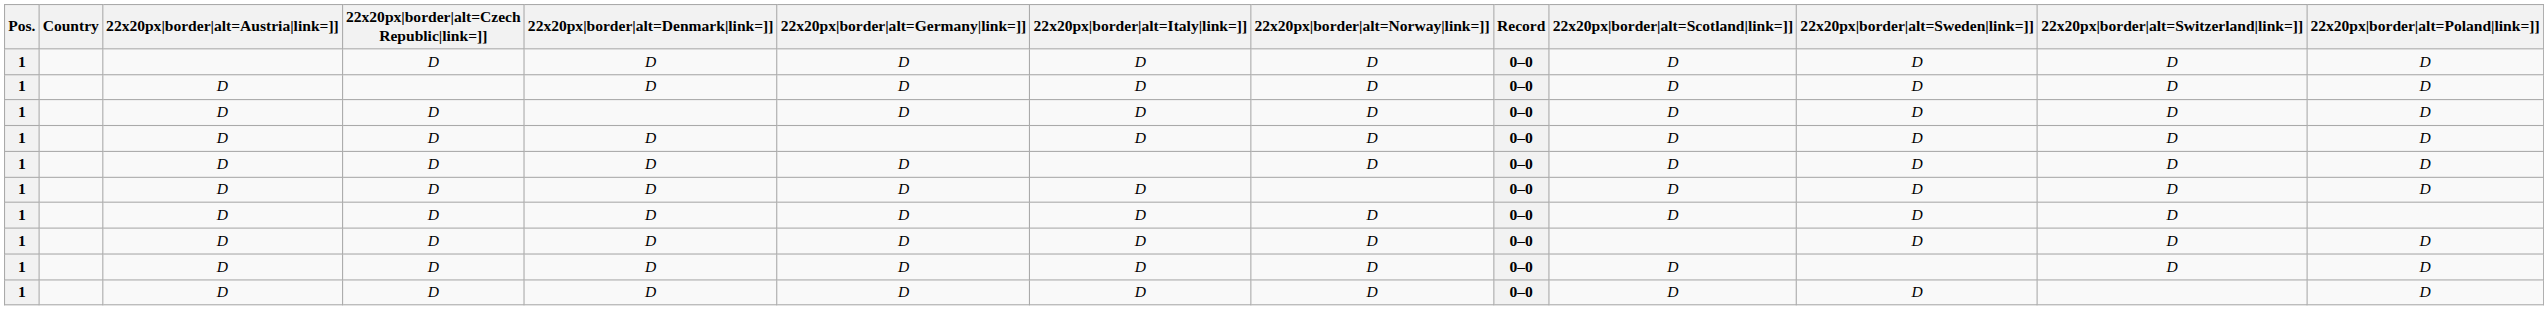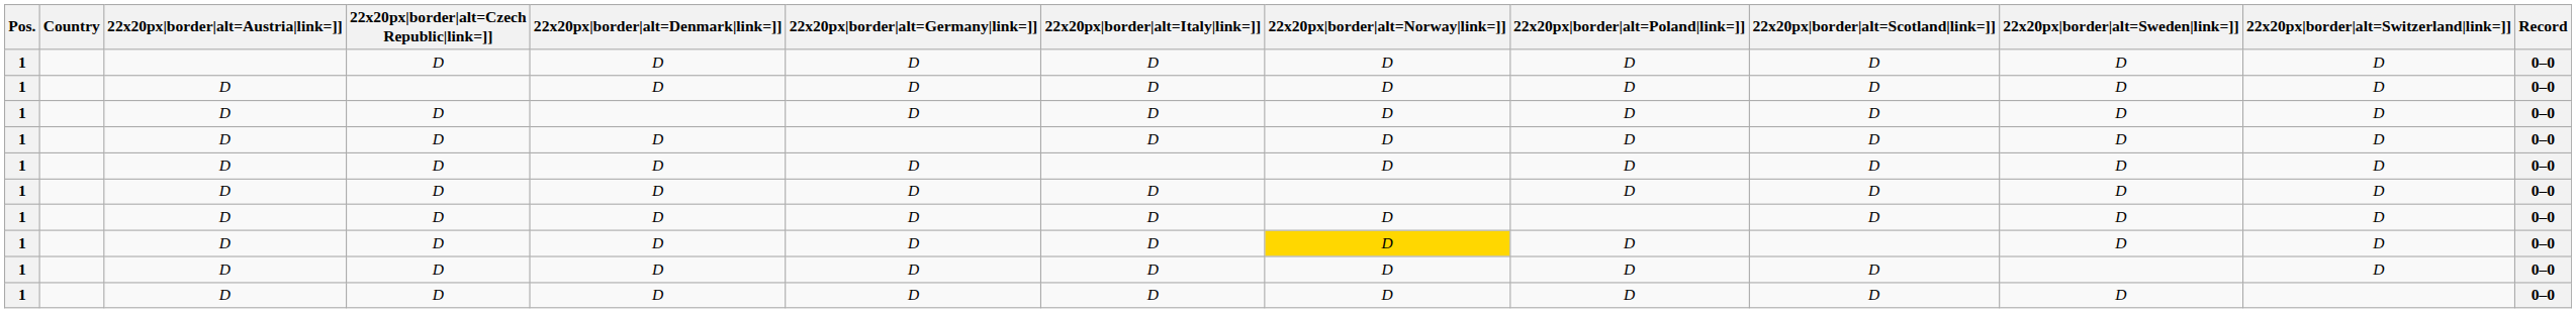 <table class="wikitable sortable nowrap" style="text-align:center; font-size:0.9em;">
 <tr>
 <th>Pos.</th>
 <th>Country</th>
 <th [[Image:>22x20px|border|alt=Austria|link=]]</th>
 <th [[Image:>22x20px|border|alt=Czech Republic|link=]]</th>
 <th [[Image:>22x20px|border|alt=Denmark|link=]]</th>
 <th [[Image:>22x20px|border|alt=Germany|link=]]</th>
 <th [[Image:>22x20px|border|alt=Italy|link=]]</th>
 <th [[Image:>22x20px|border|alt=Norway|link=]]</th>
-<th>Record</th>
+<th [[Image:>22x20px|border|alt=Poland|link=]]</th>
 <th [[Image:>22x20px|border|alt=Scotland|link=]]</th>
 <th [[Image:>22x20px|border|alt=Sweden|link=]]</th>
 <th [[Image:>22x20px|border|alt=Switzerland|link=]]</th>
-<th [[Image:>22x20px|border|alt=Poland|link=]]</th>
+<th>Record</th>
 </tr>
 <tr>
 <th>1</th>
 <td style="text-align:left;"></td>
 <td> </td>
 <td><em>D</em> </td>
 <td><em>D</em> </td>
 <td><em>D</em> </td>
 <td><em>D</em> </td>
 <td><em>D</em> </td>
-<th>0–0</th>
 <td><em>D</em> </td>
 <td><em>D</em> </td>
 <td><em>D</em> </td>
 <td><em>D</em> </td>
+<th>0–0</th>
 </tr>
 <tr>
 <th>1</th>
 <td style="text-align:left;"></td>
 <td><em>D</em> </td>
 <td> </td>
 <td><em>D</em> </td>
 <td><em>D</em> </td>
 <td><em>D</em> </td>
 <td><em>D</em> </td>
-<th>0–0</th>
 <td><em>D</em> </td>
 <td><em>D</em> </td>
 <td><em>D</em> </td>
 <td><em>D</em> </td>
+<th>0–0</th>
 </tr>
 <tr>
 <th>1</th>
 <td style="text-align:left;"></td>
 <td><em>D</em> </td>
 <td><em>D</em> </td>
 <td> </td>
 <td><em>D</em> </td>
 <td><em>D</em> </td>
 <td><em>D</em> </td>
-<th>0–0</th>
 <td><em>D</em> </td>
 <td><em>D</em> </td>
 <td><em>D</em> </td>
 <td><em>D</em> </td>
+<th>0–0</th>
 </tr>
 <tr>
 <th>1</th>
 <td style="text-align:left;"></td>
 <td><em>D</em> </td>
 <td><em>D</em> </td>
 <td><em>D</em> </td>
 <td> </td>
 <td><em>D</em> </td>
 <td><em>D</em> </td>
-<th>0–0</th>
 <td><em>D</em> </td>
 <td><em>D</em> </td>
 <td><em>D</em> </td>
 <td><em>D</em> </td>
+<th>0–0</th>
 </tr>
 <tr>
 <th>1</th>
 <td style="text-align:left;"></td>
 <td><em>D</em> </td>
 <td><em>D</em> </td>
 <td><em>D</em> </td>
 <td><em>D</em> </td>
 <td> </td>
 <td><em>D</em> </td>
-<th>0–0</th>
 <td><em>D</em> </td>
 <td><em>D</em> </td>
 <td><em>D</em> </td>
 <td><em>D</em> </td>
+<th>0–0</th>
 </tr>
 <tr>
 <th>1</th>
 <td style="text-align:left;"></td>
 <td><em>D</em> </td>
 <td><em>D</em> </td>
 <td><em>D</em> </td>
 <td><em>D</em> </td>
 <td><em>D</em> </td>
 <td> </td>
-<th>0–0</th>
 <td><em>D</em> </td>
 <td><em>D</em> </td>
 <td><em>D</em> </td>
 <td><em>D</em> </td>
+<th>0–0</th>
 </tr>
 <tr>
 <th>1</th>
 <td style="text-align:left;"></td>
 <td><em>D</em> </td>
 <td><em>D</em> </td>
 <td><em>D</em> </td>
 <td><em>D</em> </td>
 <td><em>D</em> </td>
 <td><em>D</em> </td>
-<th>0–0</th>
+<td> </td>
 <td><em>D</em> </td>
 <td><em>D</em> </td>
 <td><em>D</em> </td>
+<th>0–0</th>
+</tr>
+<tr>
+<th>1</th>
+<td style="text-align:left;"></td>
+<td><em>D</em> </td>
+<td><em>D</em> </td>
+<td><em>D</em> </td>
+<td><em>D</em> </td>
+<td><em>D</em> </td>
+<td style="background: gold;"><em>D</em> </td>
+<td><em>D</em> </td>
 <td> </td>
+<td><em>D</em> </td>
+<td><em>D</em> </td>
+<th>0–0</th>
 </tr>
 <tr>
 <th>1</th>
 <td style="text-align:left;"></td>
 <td><em>D</em> </td>
 <td><em>D</em> </td>
 <td><em>D</em> </td>
 <td><em>D</em> </td>
 <td><em>D</em> </td>
 <td><em>D</em> </td>
-<th>0–0</th>
+<td><em>D</em> </td>
+<td><em>D</em> </td>
 <td> </td>
 <td><em>D</em> </td>
-<td><em>D</em> </td>
-<td><em>D</em> </td>
+<th>0–0</th>
 </tr>
 <tr>
 <th>1</th>
 <td style="text-align:left;"></td>
 <td><em>D</em> </td>
 <td><em>D</em> </td>
 <td><em>D</em> </td>
 <td><em>D</em> </td>
 <td><em>D</em> </td>
 <td><em>D</em> </td>
-<th>0–0</th>
-<td><em>D</em> </td>
-<td> </td>
-<td><em>D</em> </td>
-<td><em>D</em> </td>
-</tr>
-<tr>
-<th>1</th>
-<td style="text-align:left;"></td>
 <td><em>D</em> </td>
 <td><em>D</em> </td>
 <td><em>D</em> </td>
-<td><em>D</em> </td>
-<td><em>D</em> </td>
-<td><em>D</em> </td>
+<td> </td>
 <th>0–0</th>
-<td><em>D</em> </td>
-<td><em>D</em> </td>
-<td> </td>
-<td><em>D</em> </td>
 </tr>
 </table>
